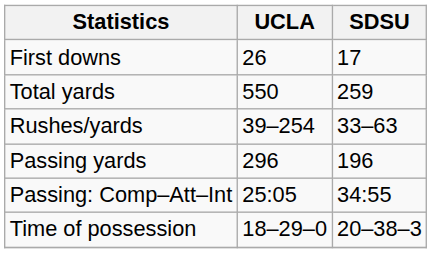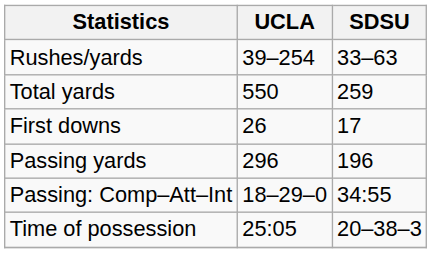 <table class="wikitable" style="float: left;">
 <tr>
 <th>Statistics</th>
 <th>UCLA</th>
 <th>SDSU</th>
 </tr>
 <tr>
-<td>First downs</td>
-<td>26</td>
-<td>17</td>
+<td>Rushes/yards</td>
+<td>39–254</td>
+<td>33–63</td>
 </tr>
 <tr>
 <td>Total yards</td>
 <td>550</td>
 <td>259</td>
 </tr>
 <tr>
-<td>Rushes/yards</td>
-<td>39–254</td>
-<td>33–63</td>
+<td>First downs</td>
+<td>26</td>
+<td>17</td>
 </tr>
 <tr>
 <td>Passing yards</td>
 <td>296</td>
 <td>196</td>
 </tr>
 <tr>
 <td>Passing: Comp–Att–Int</td>
-<td>25:05</td>
+<td>18–29–0</td>
 <td>34:55</td>
 </tr>
 <tr>
 <td>Time of possession</td>
-<td>18–29–0</td>
+<td>25:05</td>
 <td>20–38–3</td>
 </tr>
 <tr>
 </tr>
 </table>
